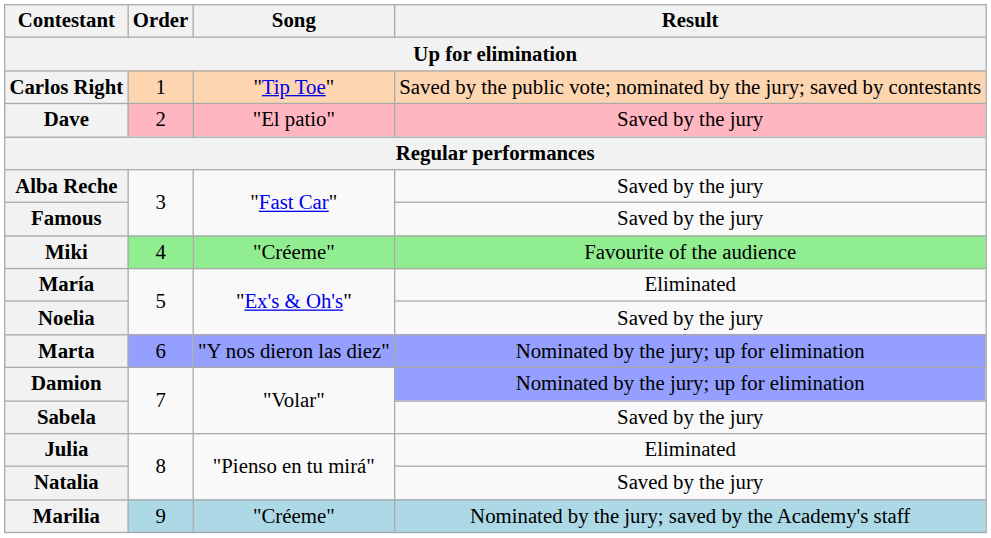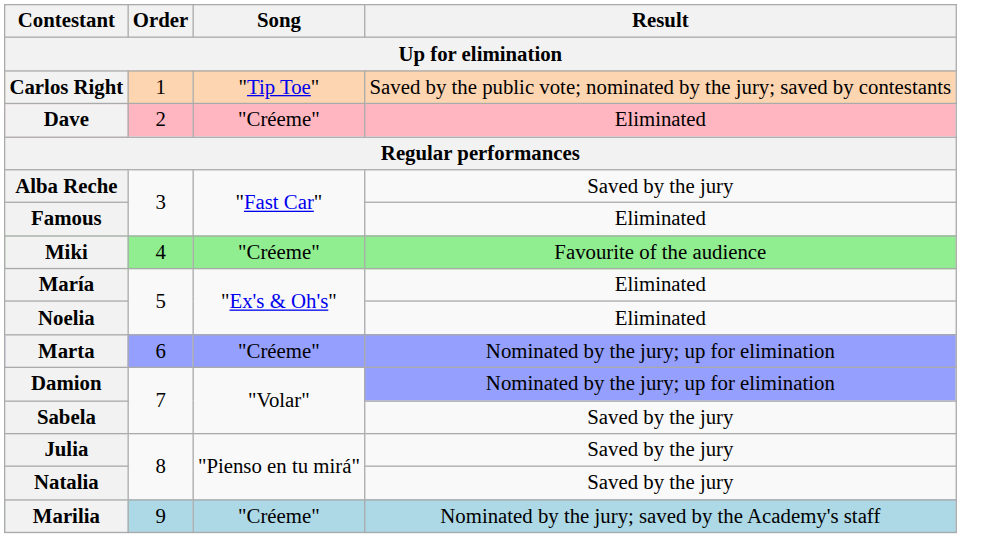 <table class="wikitable plainrowheaders" style="text-align:center;">
 <tr>
 <th scope="col">Contestant</th>
 <th scope="col">Order</th>
 <th scope="col">Song</th>
 <th scope="col">Result</th>
 </tr>
 <tr>
 <th colspan="4">Up for elimination</th>
 </tr>
 <tr style="background:#fdd5b1">
 <th scope="row">Carlos Right</th>
 <td>1</td>
 <td>"<a href='#'>Tip Toe</a>"</td>
 <td>Saved by the public vote; nominated by the jury; saved by contestants</td>
 </tr>
 <tr style="background:lightpink">
 <th scope="row">Dave</th>
 <td>2</td>
-<td>"El patio"</td>
-<td>Saved by the jury</td>
+<td>"Créeme"</td>
+<td>Eliminated</td>
 </tr>
 <tr>
 <th colspan="4">Regular performances</th>
 </tr>
 <tr>
 <th scope="row">Alba Reche</th>
 <td rowspan="2">3</td>
 <td rowspan="2">"<a href='#'>Fast Car</a>"</td>
 <td>Saved by the jury</td>
 </tr>
 <tr>
 <th scope="row">Famous</th>
-<td>Saved by the jury</td>
+<td>Eliminated</td>
 </tr>
 <tr style="background:lightgreen">
 <th scope="row">Miki</th>
 <td>4</td>
 <td>"Créeme"</td>
 <td style="background:lightgreen">Favourite of the audience</td>
 </tr>
 <tr>
 <th scope="row">María</th>
 <td rowspan="2">5</td>
 <td rowspan="2">"<a href='#'>Ex's & Oh's</a>"</td>
 <td>Eliminated</td>
 </tr>
 <tr>
 <th scope="row">Noelia</th>
-<td>Saved by the jury</td>
+<td>Eliminated</td>
 </tr>
 <tr style="background:#959ffd;">
 <th scope="row">Marta</th>
 <td>6</td>
-<td>"Y nos dieron las diez"</td>
+<td>"Créeme"</td>
 <td style="background:#959ffd;">Nominated by the jury; up for elimination</td>
 </tr>
 <tr>
 <th scope="row">Damion</th>
 <td rowspan="2">7</td>
 <td rowspan="2">"Volar"</td>
 <td style="background:#959ffd;">Nominated by the jury; up for elimination</td>
 </tr>
 <tr>
 <th scope="row">Sabela</th>
 <td>Saved by the jury</td>
 </tr>
 <tr>
 <th scope="row">Julia</th>
 <td rowspan="2">8</td>
 <td rowspan="2">"Pienso en tu mirá"</td>
-<td>Eliminated</td>
+<td>Saved by the jury</td>
 </tr>
 <tr>
 <th scope="row">Natalia</th>
 <td>Saved by the jury</td>
 </tr>
 <tr style="background:lightblue;">
 <th scope="row">Marilia</th>
 <td>9</td>
 <td>"Créeme"</td>
 <td style="background:lightblue;">Nominated by the jury; saved by the Academy's staff</td>
 </tr>
 </table>
